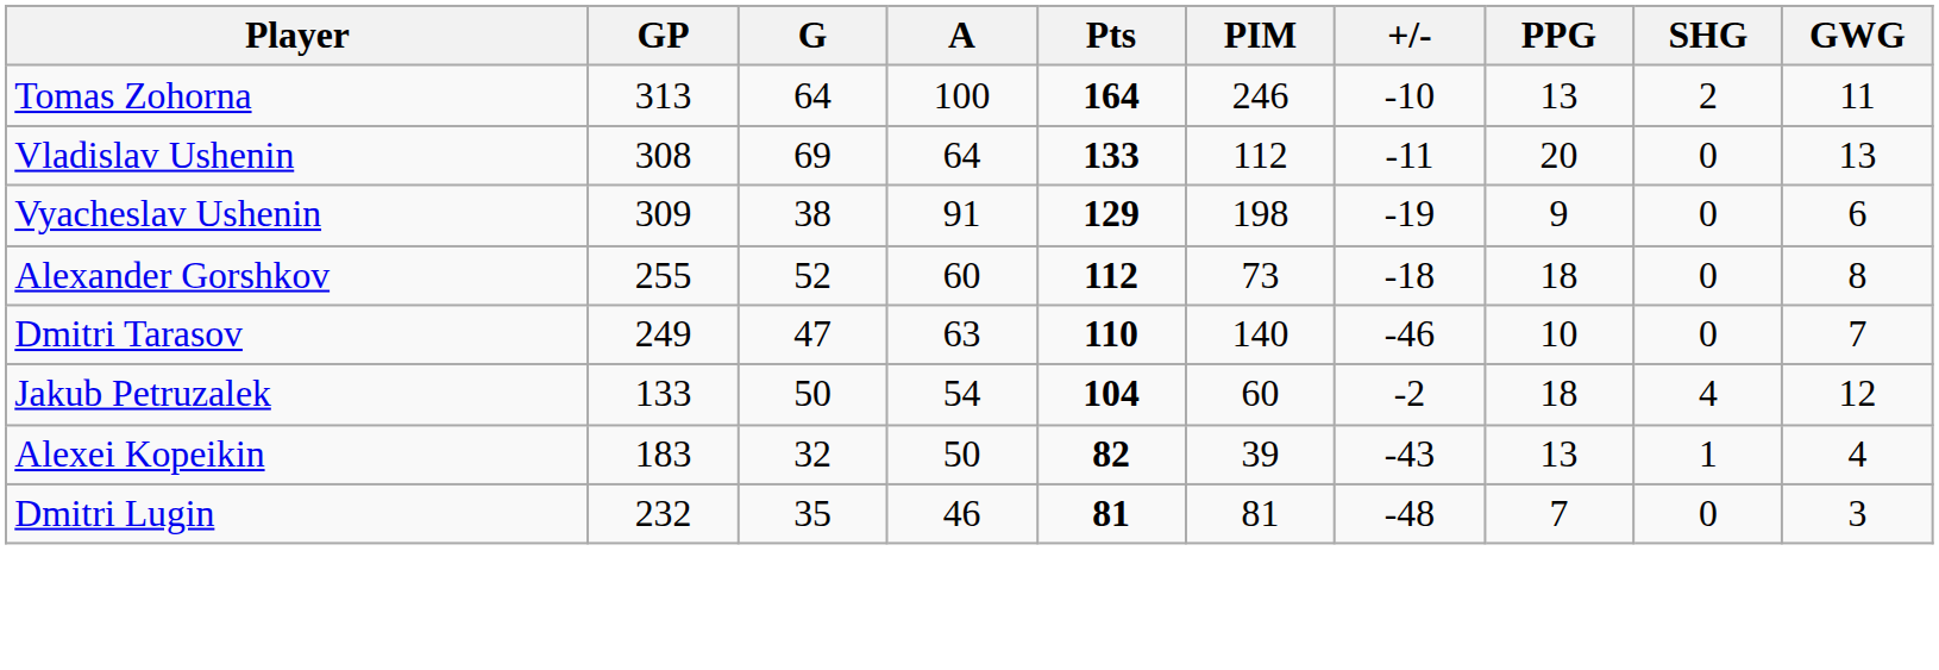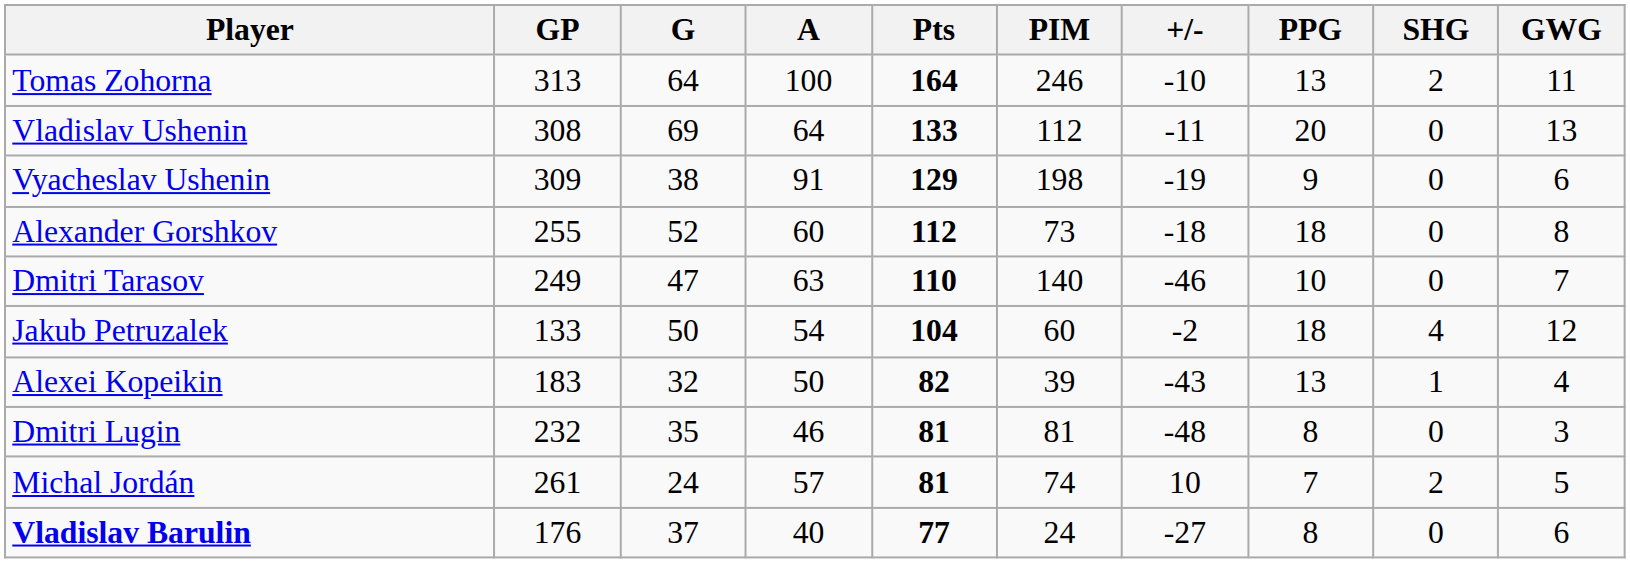 <table class="wikitable">
 <tr>
 <th style="align:left; width: 15em;">Player</th>
 <th style="width: 3.5em;">GP</th>
 <th style="width: 3.5em;">G</th>
 <th style="width: 3.5em;">A</th>
 <th style="width: 3.5em;">Pts</th>
 <th style="width: 3.5em;">PIM</th>
 <th style="width: 3.5em;">+/-</th>
 <th style="width: 3.5em;">PPG</th>
 <th style="width: 3.5em;">SHG</th>
 <th style="width: 3.5em;">GWG</th>
 </tr>
 <tr style="text-align:center;">
 <td style="text-align:left;"> <a href='#'>Tomas Zohorna</a></td>
 <td>313</td>
 <td>64</td>
 <td>100</td>
 <td><strong>164</strong></td>
 <td>246</td>
 <td>-10</td>
 <td>13</td>
 <td>2</td>
 <td>11</td>
 </tr>
 <tr style="text-align:center;">
 <td style="text-align:left;"> <a href='#'>Vladislav Ushenin</a></td>
 <td>308</td>
 <td>69</td>
 <td>64</td>
 <td><strong>133</strong></td>
 <td>112</td>
 <td>-11</td>
 <td>20</td>
 <td>0</td>
 <td>13</td>
 </tr>
 <tr style="text-align:center;">
 <td style="text-align:left;"> <a href='#'>Vyacheslav Ushenin</a></td>
 <td>309</td>
 <td>38</td>
 <td>91</td>
 <td><strong>129</strong></td>
 <td>198</td>
 <td>-19</td>
 <td>9</td>
 <td>0</td>
 <td>6</td>
 </tr>
 <tr style="text-align:center;">
 <td style="text-align:left;"> <a href='#'>Alexander Gorshkov</a></td>
 <td>255</td>
 <td>52</td>
 <td>60</td>
 <td><strong>112</strong></td>
 <td>73</td>
 <td>-18</td>
 <td>18</td>
 <td>0</td>
 <td>8</td>
 </tr>
 <tr style="text-align:center;">
 <td style="text-align:left;"> <a href='#'>Dmitri Tarasov</a></td>
 <td>249</td>
 <td>47</td>
 <td>63</td>
 <td><strong>110</strong></td>
 <td>140</td>
 <td>-46</td>
 <td>10</td>
 <td>0</td>
 <td>7</td>
 </tr>
 <tr style="text-align:center;">
 <td style="text-align:left;"> <a href='#'>Jakub Petruzalek</a></td>
 <td>133</td>
 <td>50</td>
 <td>54</td>
 <td><strong>104</strong></td>
 <td>60</td>
 <td>-2</td>
 <td>18</td>
 <td>4</td>
 <td>12</td>
 </tr>
 <tr style="text-align:center;">
 <td style="text-align:left;"> <a href='#'>Alexei Kopeikin</a></td>
 <td>183</td>
 <td>32</td>
 <td>50</td>
 <td><strong>82</strong></td>
 <td>39</td>
 <td>-43</td>
 <td>13</td>
 <td>1</td>
 <td>4</td>
 </tr>
 <tr style="text-align:center;">
 <td style="text-align:left;"> <a href='#'>Dmitri Lugin</a></td>
 <td>232</td>
 <td>35</td>
 <td>46</td>
 <td><strong>81</strong></td>
 <td>81</td>
 <td>-48</td>
-<td>7</td>
+<td>8</td>
 <td>0</td>
 <td>3</td>
 </tr>
+<tr style="text-align:center;">
+<td style="text-align:left;"> <a href='#'>Michal Jordán</a></td>
+<td>261</td>
+<td>24</td>
+<td>57</td>
+<td><strong>81</strong></td>
+<td>74</td>
+<td>10</td>
+<td>7</td>
+<td>2</td>
+<td>5</td>
+</tr>
+<tr style="text-align:center;">
+<td style="text-align:left;"> <strong><a href='#'>Vladislav Barulin</a></strong></td>
+<td>176</td>
+<td>37</td>
+<td>40</td>
+<td><strong>77</strong></td>
+<td>24</td>
+<td>-27</td>
+<td>8</td>
+<td>0</td>
+<td>6</td>
+</tr>
 </table>
